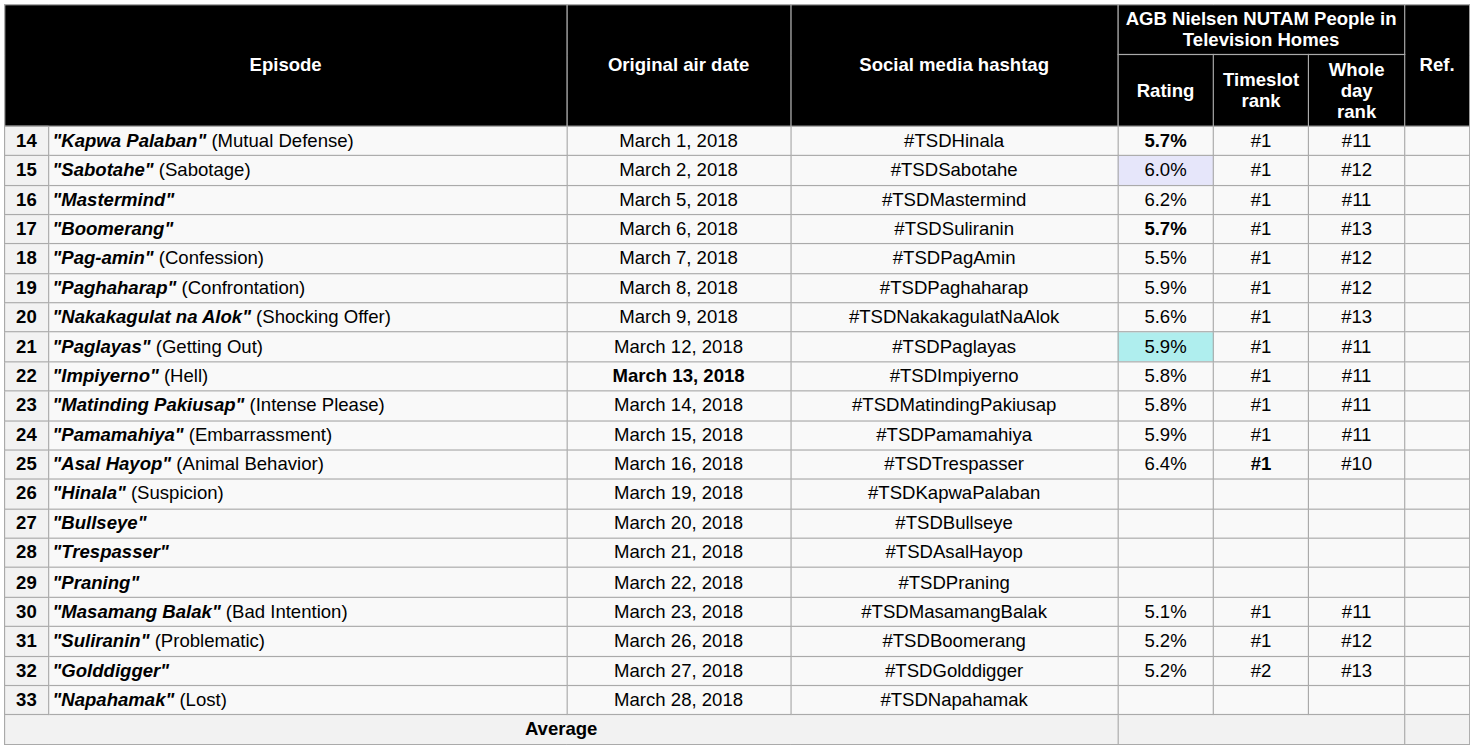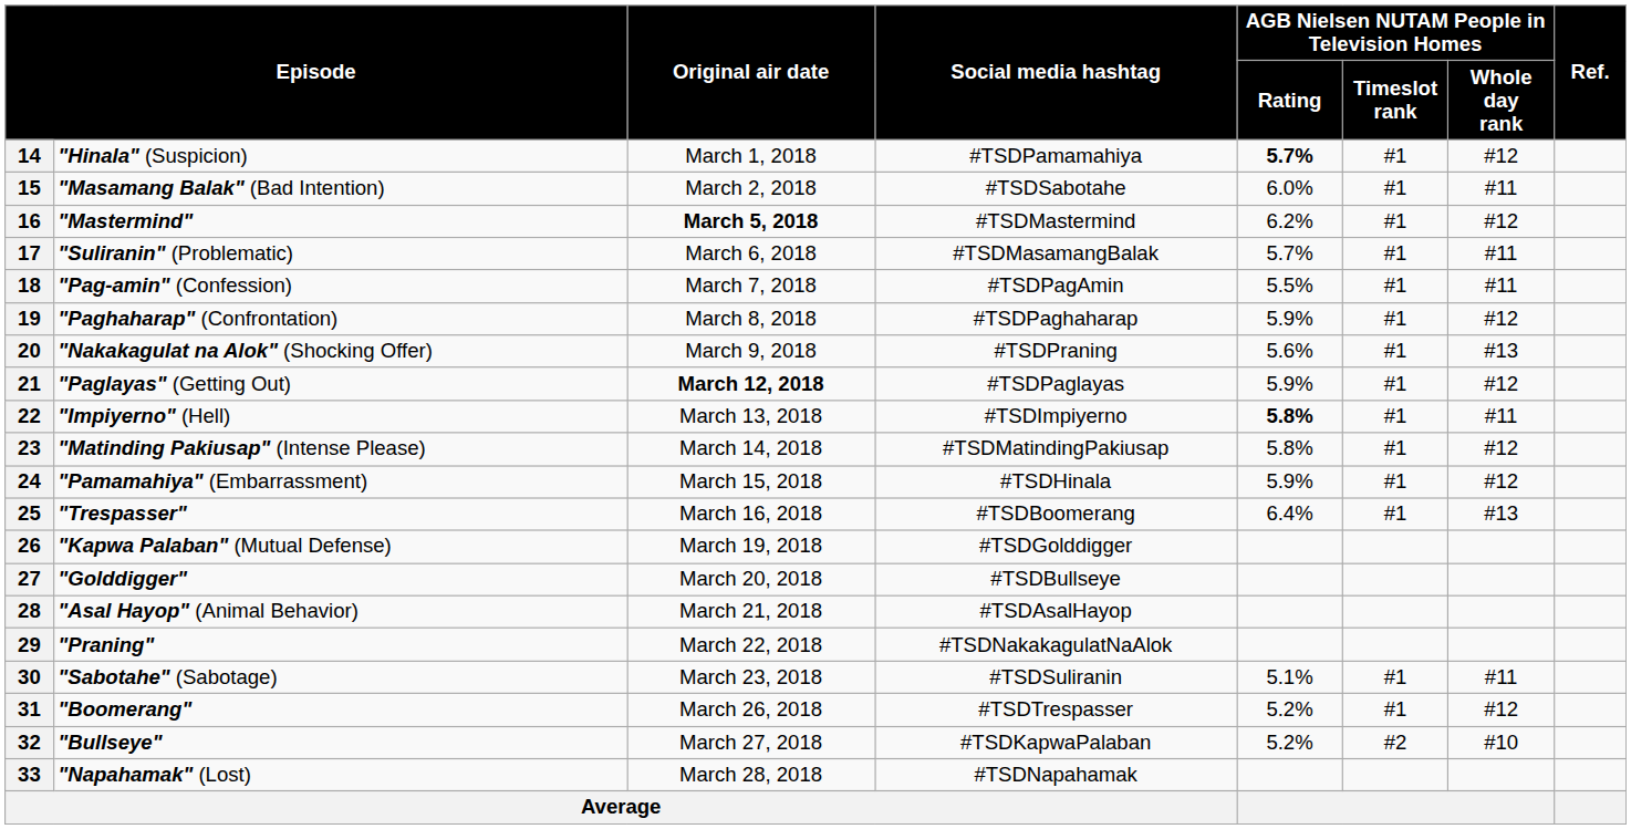 <table class="wikitable" style="text-align:center; font-size:100%; line-height:18px;" width="100%">
 <tr>
 <th style="background-color:#000000; color:#ffffff;" colspan="2" rowspan="2">Episode</th>
 <th style="background-color:#000000; color:white" rowspan="2">Original air date</th>
 <th style="background-color:#000000; color:white" rowspan="2">Social media hashtag</th>
 <th style="background-color:#000000; color:#ffffff;" colspan="3">AGB Nielsen NUTAM People in Television Homes</th>
 <th style="background-color:#000000; color:#ffffff;" rowspan="2">Ref.</th>
 </tr>
 <tr>
 <th style="background-color:#000000; width:75px; color:#ffffff;">Rating</th>
 <th style="background-color:#000000; width:75px; color:#ffffff;">Timeslot<br>rank</th>
 <th style="background-color:#000000; width:75px; color:#ffffff;">Whole day<br>rank</th>
 </tr>
 <tr>
 <th>14</th>
-<td style="text-align: left;"><strong><em>"Kapwa Palaban"</em></strong> (Mutual Defense)</td>
+<td style="text-align: left;"><strong><em>"Hinala"</em></strong> (Suspicion)</td>
 <td>March 1, 2018</td>
-<td>#TSDHinala</td>
+<td>#TSDPamamahiya</td>
 <td><strong>5.7%</strong></td>
+<td>#1</td>
+<td>#12</td>
+<td></td>
+</tr>
+<tr>
+<th>15</th>
+<td style="text-align: left;"><strong><em>"Masamang Balak"</em></strong> (Bad Intention)</td>
+<td>March 2, 2018</td>
+<td>#TSDSabotahe</td>
+<td>6.0%</td>
 <td>#1</td>
 <td>#11</td>
 <td></td>
 </tr>
 <tr>
-<th>15</th>
-<td style="text-align: left;"><strong><em>"Sabotahe"</em></strong> (Sabotage)</td>
-<td>March 2, 2018</td>
-<td>#TSDSabotahe</td>
-<td style="background: lavender;">6.0%</td>
+<th>16</th>
+<td style="text-align: left;"><strong><em>"Mastermind"</em></strong></td>
+<td><strong>March 5, 2018</strong></td>
+<td>#TSDMastermind</td>
+<td>6.2%</td>
 <td>#1</td>
 <td>#12</td>
 <td></td>
 </tr>
 <tr>
-<th>16</th>
-<td style="text-align: left;"><strong><em>"Mastermind"</em></strong></td>
-<td>March 5, 2018</td>
-<td>#TSDMastermind</td>
-<td>6.2%</td>
+<th>17</th>
+<td style="text-align: left;"><strong><em>"Suliranin"</em></strong> (Problematic)</td>
+<td>March 6, 2018</td>
+<td>#TSDMasamangBalak</td>
+<td>5.7%</td>
 <td>#1</td>
 <td>#11</td>
-<td></td>
-</tr>
-<tr>
-<th>17</th>
-<td style="text-align: left;"><strong><em>"Boomerang"</em></strong></td>
-<td>March 6, 2018</td>
-<td>#TSDSuliranin</td>
-<td><strong>5.7%</strong></td>
-<td>#1</td>
-<td>#13</td>
 <td></td>
 </tr>
 <tr>
 <th>18</th>
 <td style="text-align: left;"><strong><em>"Pag-amin"</em></strong> (Confession)</td>
 <td>March 7, 2018</td>
 <td>#TSDPagAmin</td>
 <td>5.5%</td>
 <td>#1</td>
-<td>#12</td>
+<td>#11</td>
 <td></td>
 </tr>
 <tr>
 <th>19</th>
 <td style="text-align: left;"><strong><em>"Paghaharap"</em></strong> (Confrontation)</td>
 <td>March 8, 2018</td>
 <td>#TSDPaghaharap</td>
 <td>5.9%</td>
 <td>#1</td>
 <td>#12</td>
 <td></td>
 </tr>
 <tr>
 <th>20</th>
 <td style="text-align: left;"><strong><em>"Nakakagulat na Alok"</em></strong> (Shocking Offer)</td>
 <td>March 9, 2018</td>
-<td>#TSDNakakagulatNaAlok</td>
+<td>#TSDPraning</td>
 <td>5.6%</td>
 <td>#1</td>
 <td>#13</td>
 <td></td>
 </tr>
 <tr>
 <th>21</th>
 <td style="text-align: left;"><strong><em>"Paglayas"</em></strong> (Getting Out)</td>
-<td>March 12, 2018</td>
+<td><strong>March 12, 2018</strong></td>
 <td>#TSDPaglayas</td>
-<td style="background: paleturquoise;">5.9%</td>
+<td>5.9%</td>
 <td>#1</td>
-<td>#11</td>
+<td>#12</td>
 <td></td>
 </tr>
 <tr>
 <th>22</th>
 <td style="text-align: left;"><strong><em>"Impiyerno"</em></strong> (Hell)</td>
-<td><strong>March 13, 2018</strong></td>
+<td>March 13, 2018</td>
 <td>#TSDImpiyerno</td>
-<td>5.8%</td>
+<td><strong>5.8%</strong></td>
 <td>#1</td>
 <td>#11</td>
 <td></td>
 </tr>
 <tr>
 <th>23</th>
 <td style="text-align: left;"><strong><em>"Matinding Pakiusap"</em></strong> (Intense Please)</td>
 <td>March 14, 2018</td>
 <td>#TSDMatindingPakiusap</td>
 <td>5.8%</td>
 <td>#1</td>
-<td>#11</td>
+<td>#12</td>
 <td></td>
 </tr>
 <tr>
 <th>24</th>
 <td style="text-align: left;"><strong><em>"Pamamahiya"</em></strong> (Embarrassment)</td>
 <td>March 15, 2018</td>
-<td>#TSDPamamahiya</td>
+<td>#TSDHinala</td>
 <td>5.9%</td>
 <td>#1</td>
-<td>#11</td>
+<td>#12</td>
 <td></td>
 </tr>
 <tr>
 <th>25</th>
-<td style="text-align: left;"><strong><em>"Asal Hayop"</em></strong> (Animal Behavior)</td>
+<td style="text-align: left;"><strong><em>"Trespasser"</em></strong></td>
 <td>March 16, 2018</td>
-<td>#TSDTrespasser</td>
+<td>#TSDBoomerang</td>
 <td>6.4%</td>
-<td><strong>#1</strong></td>
-<td>#10</td>
+<td>#1</td>
+<td>#13</td>
 <td></td>
 </tr>
 <tr>
 <th>26</th>
-<td style="text-align: left;"><strong><em>"Hinala"</em></strong> (Suspicion)</td>
+<td style="text-align: left;"><strong><em>"Kapwa Palaban"</em></strong> (Mutual Defense)</td>
 <td>March 19, 2018</td>
-<td>#TSDKapwaPalaban</td>
+<td>#TSDGolddigger</td>
 <td></td>
 <td></td>
 <td></td>
 <td></td>
 </tr>
 <tr>
 <th>27</th>
-<td style="text-align: left;"><strong><em>"Bullseye"</em></strong></td>
+<td style="text-align: left;"><strong><em>"Golddigger"</em></strong></td>
 <td>March 20, 2018</td>
 <td>#TSDBullseye</td>
 <td></td>
 <td></td>
 <td></td>
 <td></td>
 </tr>
 <tr>
 <th>28</th>
-<td style="text-align: left;"><strong><em>"Trespasser"</em></strong></td>
+<td style="text-align: left;"><strong><em>"Asal Hayop"</em></strong> (Animal Behavior)</td>
 <td>March 21, 2018</td>
 <td>#TSDAsalHayop</td>
 <td></td>
 <td></td>
 <td></td>
 <td></td>
 </tr>
 <tr>
 <th>29</th>
 <td style="text-align: left;"><strong><em>"Praning"</em></strong></td>
 <td>March 22, 2018</td>
-<td>#TSDPraning</td>
+<td>#TSDNakakagulatNaAlok</td>
 <td></td>
 <td></td>
 <td></td>
 <td></td>
 </tr>
 <tr>
 <th>30</th>
-<td style="text-align: left;"><strong><em>"Masamang Balak"</em></strong> (Bad Intention)</td>
+<td style="text-align: left;"><strong><em>"Sabotahe"</em></strong> (Sabotage)</td>
 <td>March 23, 2018</td>
-<td>#TSDMasamangBalak</td>
+<td>#TSDSuliranin</td>
 <td>5.1%</td>
 <td>#1</td>
 <td>#11</td>
 <td></td>
 </tr>
 <tr>
 <th>31</th>
-<td style="text-align: left;"><strong><em>"Suliranin"</em></strong> (Problematic)</td>
+<td style="text-align: left;"><strong><em>"Boomerang"</em></strong></td>
 <td>March 26, 2018</td>
-<td>#TSDBoomerang</td>
+<td>#TSDTrespasser</td>
 <td>5.2%</td>
 <td>#1</td>
 <td>#12</td>
 <td></td>
 </tr>
 <tr>
 <th>32</th>
-<td style="text-align: left;"><strong><em>"Golddigger"</em></strong></td>
+<td style="text-align: left;"><strong><em>"Bullseye"</em></strong></td>
 <td>March 27, 2018</td>
-<td>#TSDGolddigger</td>
+<td>#TSDKapwaPalaban</td>
 <td>5.2%</td>
 <td>#2</td>
-<td>#13</td>
+<td>#10</td>
 <td></td>
 </tr>
 <tr>
 <th>33</th>
 <td style="text-align: left;"><strong><em>"Napahamak"</em></strong> (Lost)</td>
 <td>March 28, 2018</td>
 <td>#TSDNapahamak</td>
 <td></td>
 <td></td>
 <td></td>
 <td></td>
 </tr>
 <tr>
 <th colspan="4">Average</th>
 <th colspan="3"></th>
 <th></th>
 </tr>
 <tr>
 </tr>
 </table>
